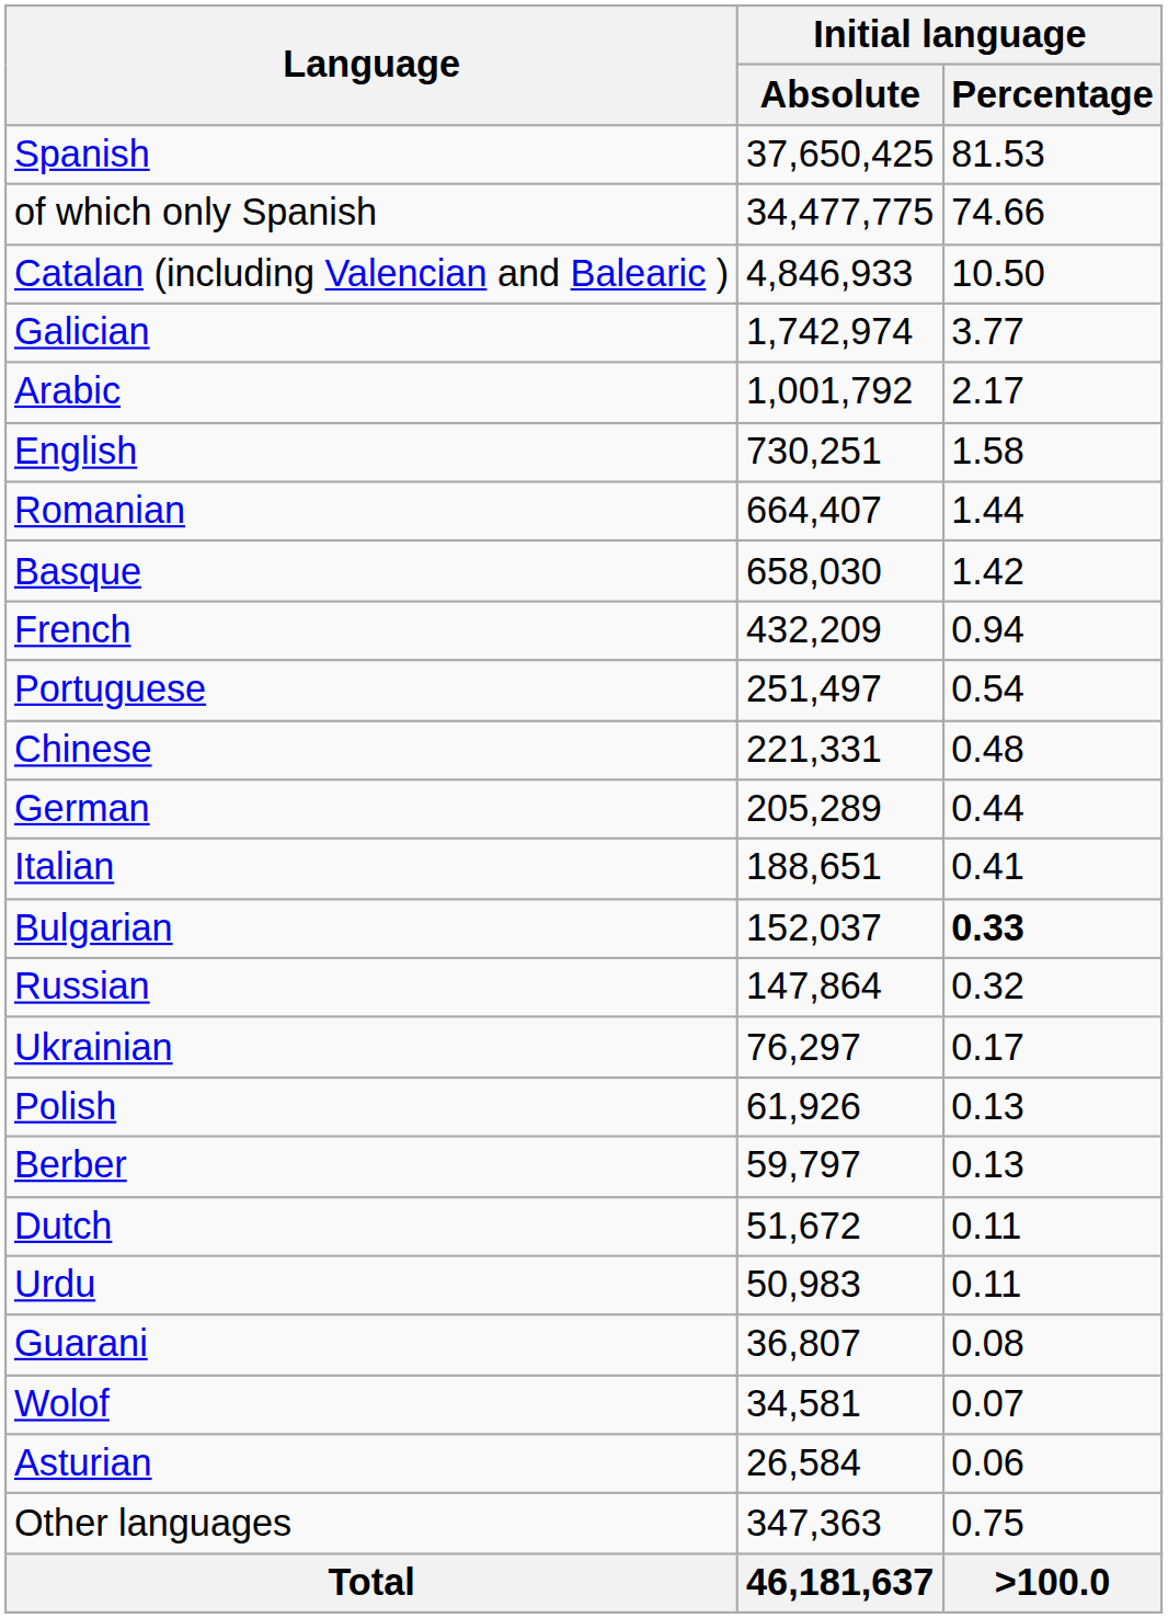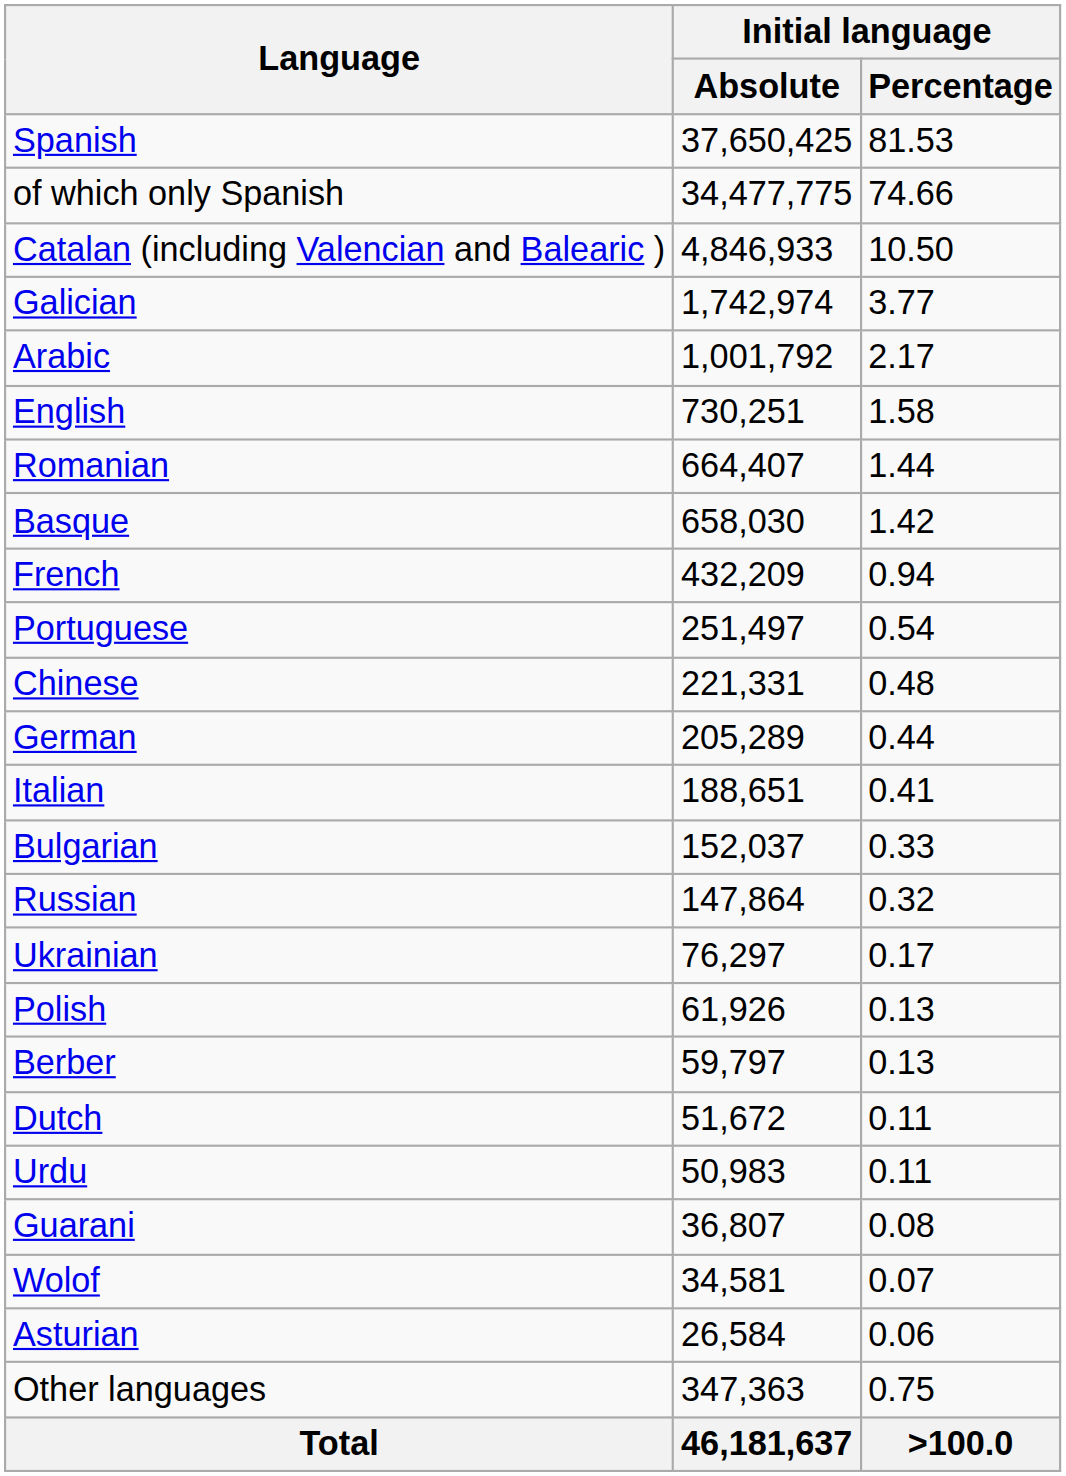 <table class="wikitable sortable col1left col2right col3right">
 <tr>
 <th rowspan="2">Language</th>
 <th colspan="2">Initial language</th>
 </tr>
 <tr>
 <th>Absolute</th>
 <th>Percentage</th>
 </tr>
 <tr>
 <td><a href='#'>Spanish</a></td>
 <td>37,650,425</td>
 <td>81.53</td>
 </tr>
 <tr>
 <td>of which only Spanish</td>
 <td>34,477,775</td>
 <td>74.66</td>
 </tr>
 <tr>
 <td><a href='#'>Catalan</a> (including <a href='#'>Valencian</a> and <a href='#'>Balearic</a> )</td>
 <td>4,846,933</td>
 <td>10.50</td>
 </tr>
 <tr>
 <td><a href='#'>Galician</a></td>
 <td>1,742,974</td>
 <td>3.77</td>
 </tr>
 <tr>
 <td><a href='#'>Arabic</a></td>
 <td>1,001,792</td>
 <td>2.17</td>
 </tr>
 <tr>
 <td><a href='#'>English</a></td>
 <td>730,251</td>
 <td>1.58</td>
 </tr>
 <tr>
 <td><a href='#'>Romanian</a></td>
 <td>664,407</td>
 <td>1.44</td>
 </tr>
 <tr>
 <td><a href='#'>Basque</a></td>
 <td>658,030</td>
 <td>1.42</td>
 </tr>
 <tr>
 <td><a href='#'>French</a></td>
 <td>432,209</td>
 <td>0.94</td>
 </tr>
 <tr>
 <td><a href='#'>Portuguese</a></td>
 <td>251,497</td>
 <td>0.54</td>
 </tr>
 <tr>
 <td><a href='#'>Chinese</a></td>
 <td>221,331</td>
 <td>0.48</td>
 </tr>
 <tr>
 <td><a href='#'>German</a></td>
 <td>205,289</td>
 <td>0.44</td>
 </tr>
 <tr>
 <td><a href='#'>Italian</a></td>
 <td>188,651</td>
 <td>0.41</td>
 </tr>
 <tr>
 <td><a href='#'>Bulgarian</a></td>
 <td>152,037</td>
-<td><strong>0.33</strong></td>
+<td>0.33</td>
 </tr>
 <tr>
 <td><a href='#'>Russian</a></td>
 <td>147,864</td>
 <td>0.32</td>
 </tr>
 <tr>
 <td><a href='#'>Ukrainian</a></td>
 <td>76,297</td>
 <td>0.17</td>
 </tr>
 <tr>
 <td><a href='#'>Polish</a></td>
 <td>61,926</td>
 <td>0.13</td>
 </tr>
 <tr>
 <td><a href='#'>Berber</a></td>
 <td>59,797</td>
 <td>0.13</td>
 </tr>
 <tr>
 <td><a href='#'>Dutch</a></td>
 <td>51,672</td>
 <td>0.11</td>
 </tr>
 <tr>
 <td><a href='#'>Urdu</a></td>
 <td>50,983</td>
 <td>0.11</td>
 </tr>
 <tr>
 <td><a href='#'>Guarani</a></td>
 <td>36,807</td>
 <td>0.08</td>
 </tr>
 <tr>
 <td><a href='#'>Wolof</a></td>
 <td>34,581</td>
 <td>0.07</td>
 </tr>
 <tr>
 <td><a href='#'>Asturian</a></td>
 <td>26,584</td>
 <td>0.06</td>
 </tr>
 <tr>
 <td>Other languages</td>
 <td>347,363</td>
 <td>0.75</td>
 </tr>
 <tr>
 <th>Total</th>
 <th>46,181,637</th>
 <th>>100.0</th>
 </tr>
 </table>
